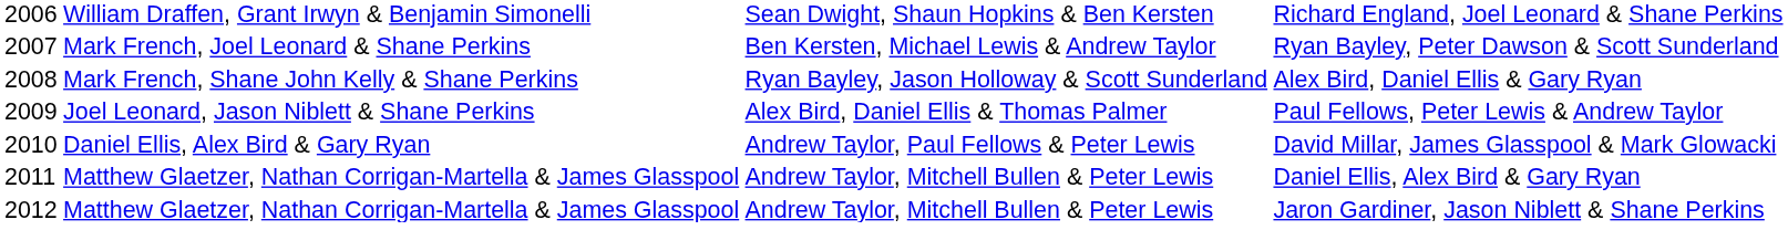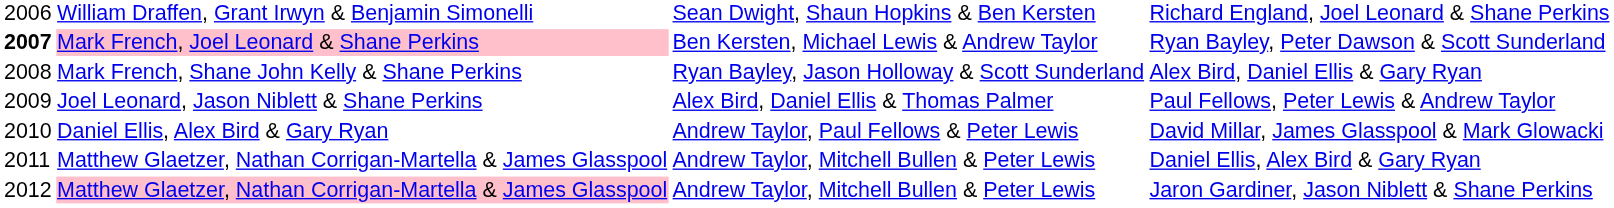 <table>
 <tr>
 <td>2006</td>
 <td><a href='#'>William Draffen</a>, <a href='#'>Grant Irwyn</a> & <a href='#'>Benjamin Simonelli</a></td>
 <td><a href='#'>Sean Dwight</a>, <a href='#'>Shaun Hopkins</a> & <a href='#'>Ben Kersten</a></td>
 <td><a href='#'>Richard England</a>, <a href='#'>Joel Leonard</a> & <a href='#'>Shane Perkins</a></td>
 </tr>
 <tr>
-<td>2007</td>
-<td><a href='#'>Mark French</a>, <a href='#'>Joel Leonard</a> & <a href='#'>Shane Perkins</a></td>
+<td><strong>2007</strong></td>
+<td style="background: pink;"><a href='#'>Mark French</a>, <a href='#'>Joel Leonard</a> & <a href='#'>Shane Perkins</a></td>
 <td><a href='#'>Ben Kersten</a>, <a href='#'>Michael Lewis</a> & <a href='#'>Andrew Taylor</a></td>
 <td><a href='#'>Ryan Bayley</a>, <a href='#'>Peter Dawson</a> & <a href='#'>Scott Sunderland</a></td>
 </tr>
 <tr>
 <td>2008</td>
 <td><a href='#'>Mark French</a>, <a href='#'>Shane John Kelly</a> & <a href='#'>Shane Perkins</a></td>
 <td><a href='#'>Ryan Bayley</a>, <a href='#'>Jason Holloway</a> & <a href='#'>Scott Sunderland</a></td>
 <td><a href='#'>Alex Bird</a>, <a href='#'>Daniel Ellis</a> & <a href='#'>Gary Ryan</a></td>
 </tr>
 <tr>
 <td>2009</td>
 <td><a href='#'>Joel Leonard</a>, <a href='#'>Jason Niblett</a> & <a href='#'>Shane Perkins</a></td>
 <td><a href='#'>Alex Bird</a>, <a href='#'>Daniel Ellis</a> & <a href='#'>Thomas Palmer</a></td>
 <td><a href='#'>Paul Fellows</a>, <a href='#'>Peter Lewis</a> & <a href='#'>Andrew Taylor</a></td>
 </tr>
 <tr>
 <td>2010</td>
 <td><a href='#'>Daniel Ellis</a>, <a href='#'>Alex Bird</a> & <a href='#'>Gary Ryan</a></td>
 <td><a href='#'>Andrew Taylor</a>, <a href='#'>Paul Fellows</a> & <a href='#'>Peter Lewis</a></td>
 <td><a href='#'>David Millar</a>, <a href='#'>James Glasspool</a> & <a href='#'>Mark Glowacki</a></td>
 </tr>
 <tr>
 <td>2011</td>
 <td><a href='#'>Matthew Glaetzer</a>, <a href='#'>Nathan Corrigan-Martella</a> & <a href='#'>James Glasspool</a></td>
 <td><a href='#'>Andrew Taylor</a>, <a href='#'>Mitchell Bullen</a> & <a href='#'>Peter Lewis</a></td>
 <td><a href='#'>Daniel Ellis</a>, <a href='#'>Alex Bird</a> & <a href='#'>Gary Ryan</a></td>
 </tr>
 <tr>
 <td>2012</td>
-<td><a href='#'>Matthew Glaetzer</a>, <a href='#'>Nathan Corrigan-Martella</a> & <a href='#'>James Glasspool</a></td>
+<td style="background: pink;"><a href='#'>Matthew Glaetzer</a>, <a href='#'>Nathan Corrigan-Martella</a> & <a href='#'>James Glasspool</a></td>
 <td><a href='#'>Andrew Taylor</a>, <a href='#'>Mitchell Bullen</a> & <a href='#'>Peter Lewis</a></td>
 <td><a href='#'>Jaron Gardiner</a>, <a href='#'>Jason Niblett</a> & <a href='#'>Shane Perkins</a></td>
 </tr>
 </table>
